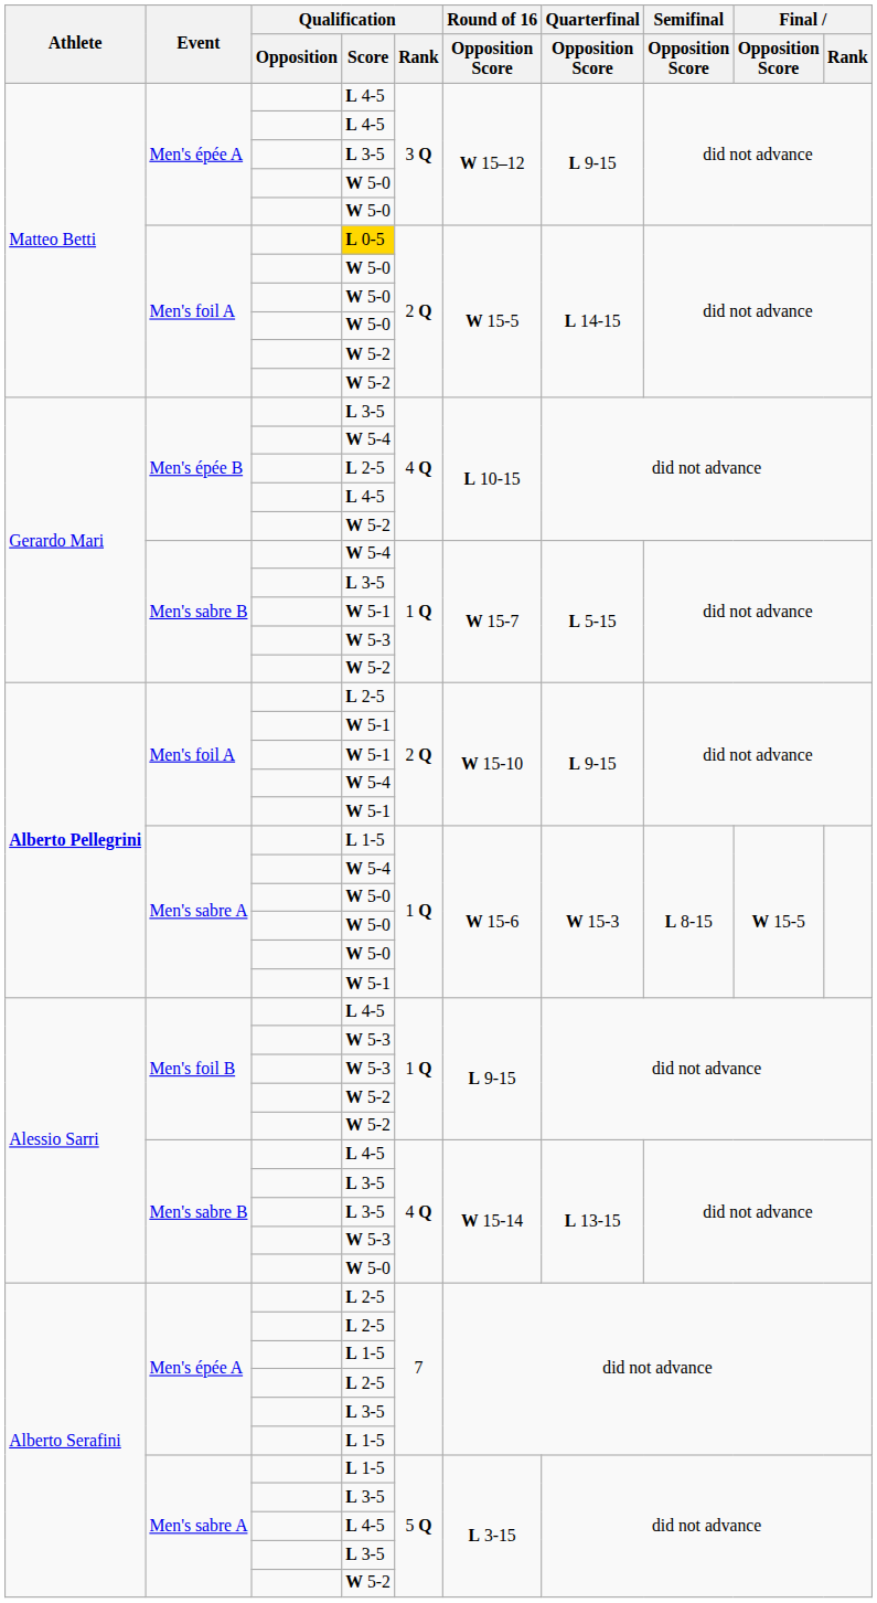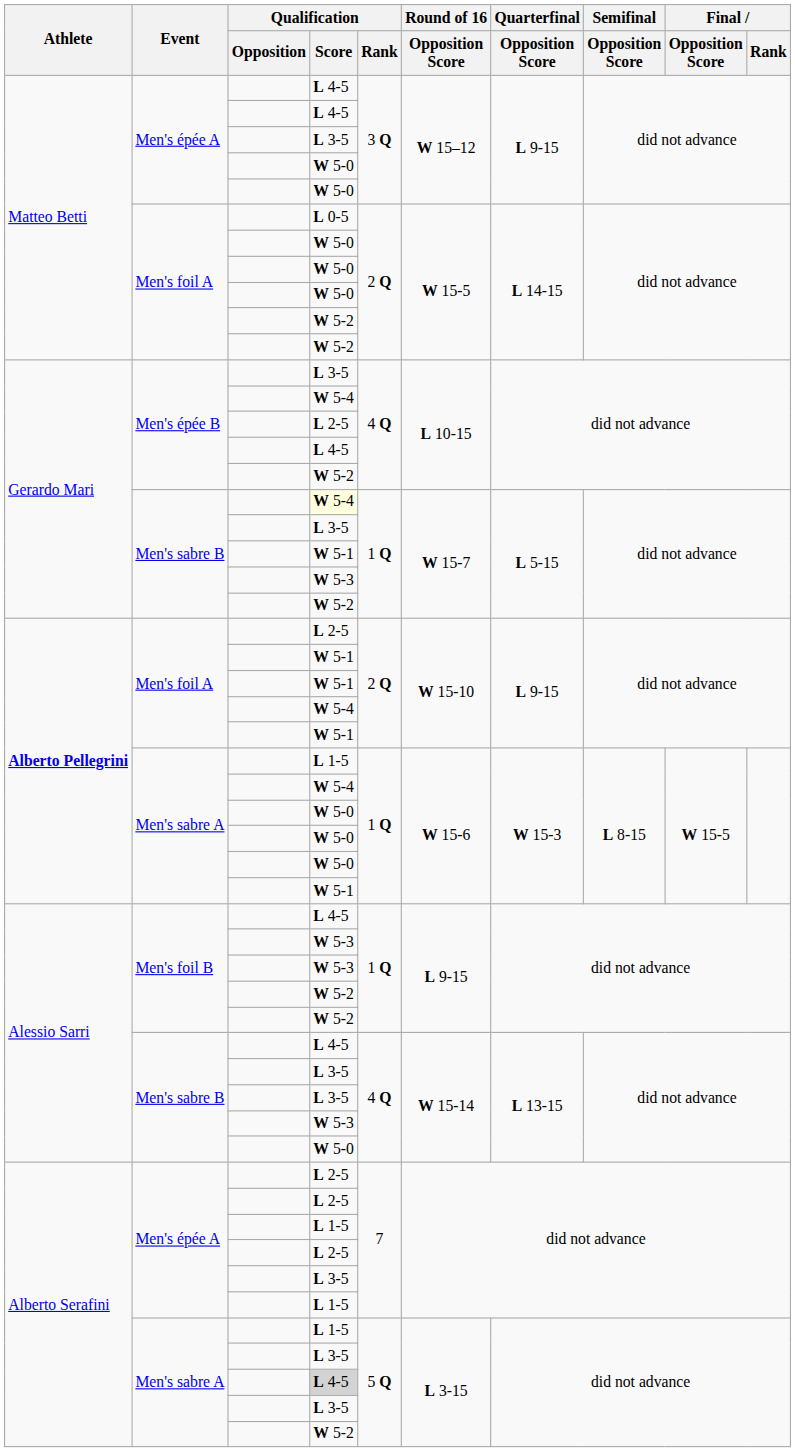 <table class=wikitable style="font-size:90%">
 <tr>
 <th rowspan="2">Athlete</th>
 <th rowspan="2">Event</th>
 <th colspan="3">Qualification</th>
 <th>Round of 16</th>
 <th>Quarterfinal</th>
 <th>Semifinal</th>
 <th colspan="2">Final / </th>
 </tr>
 <tr>
 <th>Opposition</th>
 <th>Score</th>
 <th>Rank</th>
 <th>Opposition<br>Score</th>
 <th>Opposition<br>Score</th>
 <th>Opposition<br>Score</th>
 <th>Opposition<br>Score</th>
 <th>Rank</th>
 </tr>
 <tr>
 <td rowspan=11><a href='#'>Matteo Betti</a></td>
 <td rowspan=5><a href='#'>Men's épée A</a></td>
 <td></td>
 <td><strong>L</strong> 4-5</td>
 <td align="center" rowspan=5>3 <strong>Q</strong></td>
 <td align="center" rowspan=5><br><strong>W</strong> 15–12</td>
 <td align="center" rowspan=5><br><strong>L</strong> 9-15</td>
 <td align="center" rowspan=5 colspan=3>did not advance</td>
 </tr>
 <tr>
 <td></td>
 <td><strong>L</strong> 4-5</td>
 </tr>
 <tr>
 <td></td>
 <td><strong>L</strong> 3-5</td>
 </tr>
 <tr>
 <td></td>
 <td><strong>W</strong> 5-0</td>
 </tr>
 <tr>
 <td></td>
 <td><strong>W</strong> 5-0</td>
 </tr>
 <tr>
 <td rowspan=6><a href='#'>Men's foil A</a></td>
 <td></td>
-<td style="background: gold;"><strong>L</strong> 0-5</td>
+<td><strong>L</strong> 0-5</td>
 <td align="center" rowspan=6>2 <strong>Q</strong></td>
 <td align="center" rowspan=6><br><strong>W</strong> 15-5</td>
 <td align="center" rowspan=6><br><strong>L</strong> 14-15</td>
 <td align="center" rowspan=6 colspan=3>did not advance</td>
 </tr>
 <tr>
 <td></td>
 <td><strong>W</strong> 5-0</td>
 </tr>
 <tr>
 <td></td>
 <td><strong>W</strong> 5-0</td>
 </tr>
 <tr>
 <td></td>
 <td><strong>W</strong> 5-0</td>
 </tr>
 <tr>
 <td></td>
 <td><strong>W</strong> 5-2</td>
 </tr>
 <tr>
 <td></td>
 <td><strong>W</strong> 5-2</td>
 </tr>
 <tr>
 <td rowspan=10><a href='#'>Gerardo Mari</a></td>
 <td rowspan=5><a href='#'>Men's épée B</a></td>
 <td></td>
 <td><strong>L</strong> 3-5</td>
 <td align="center" rowspan=5>4 <strong>Q</strong></td>
 <td align="center" rowspan=5><br><strong>L</strong> 10-15</td>
 <td align="center" rowspan=5 colspan=4>did not advance</td>
 </tr>
 <tr>
 <td></td>
 <td><strong>W</strong> 5-4</td>
 </tr>
 <tr>
 <td></td>
 <td><strong>L</strong> 2-5</td>
 </tr>
 <tr>
 <td></td>
 <td><strong>L</strong> 4-5</td>
 </tr>
 <tr>
 <td></td>
 <td><strong>W</strong> 5-2</td>
 </tr>
 <tr>
 <td rowspan=5><a href='#'>Men's sabre B</a></td>
 <td></td>
-<td><strong>W</strong> 5-4</td>
+<td style="background: lightyellow;"><strong>W</strong> 5-4</td>
 <td align="center" rowspan=5>1 <strong>Q</strong></td>
 <td align="center" rowspan=5><br><strong>W</strong> 15-7</td>
 <td align="center" rowspan=5><br><strong>L</strong> 5-15</td>
 <td align="center" rowspan=5 colspan=3>did not advance</td>
 </tr>
 <tr>
 <td></td>
 <td><strong>L</strong> 3-5</td>
 </tr>
 <tr>
 <td></td>
 <td><strong>W</strong> 5-1</td>
 </tr>
 <tr>
 <td></td>
 <td><strong>W</strong> 5-3</td>
 </tr>
 <tr>
 <td></td>
 <td><strong>W</strong> 5-2</td>
 </tr>
 <tr>
 <td rowspan=11><strong><a href='#'>Alberto Pellegrini</a></strong></td>
 <td rowspan=5><a href='#'>Men's foil A</a></td>
 <td></td>
 <td><strong>L</strong> 2-5</td>
 <td align="center" rowspan=5>2 <strong>Q</strong></td>
 <td align="center" rowspan=5><br><strong>W</strong> 15-10</td>
 <td align="center" rowspan=5><br><strong>L</strong> 9-15</td>
 <td align="center" rowspan=5 colspan=3>did not advance</td>
 </tr>
 <tr>
 <td></td>
 <td><strong>W</strong> 5-1</td>
 </tr>
 <tr>
 <td></td>
 <td><strong>W</strong> 5-1</td>
 </tr>
 <tr>
 <td></td>
 <td><strong>W</strong> 5-4</td>
 </tr>
 <tr>
 <td></td>
 <td><strong>W</strong> 5-1</td>
 </tr>
 <tr>
 <td rowspan=6><a href='#'>Men's sabre A</a></td>
 <td></td>
 <td><strong>L</strong> 1-5</td>
 <td align="center" rowspan=6>1 <strong>Q</strong></td>
 <td align="center" rowspan=6><br><strong>W</strong> 15-6</td>
 <td align="center" rowspan=6><br><strong>W</strong> 15-3</td>
 <td align="center" rowspan=6><br><strong>L</strong> 8-15</td>
 <td align="center" rowspan=6><br><strong>W</strong> 15-5</td>
 <td align="center" rowspan=6></td>
 </tr>
 <tr>
 <td></td>
 <td><strong>W</strong> 5-4</td>
 </tr>
 <tr>
 <td></td>
 <td><strong>W</strong> 5-0</td>
 </tr>
 <tr>
 <td></td>
 <td><strong>W</strong> 5-0</td>
 </tr>
 <tr>
 <td></td>
 <td><strong>W</strong> 5-0</td>
 </tr>
 <tr>
 <td></td>
 <td><strong>W</strong> 5-1</td>
 </tr>
 <tr>
 <td rowspan=10><a href='#'>Alessio Sarri</a></td>
 <td rowspan=5><a href='#'>Men's foil B</a></td>
 <td></td>
 <td><strong>L</strong> 4-5</td>
 <td align="center" rowspan=5>1 <strong>Q</strong></td>
 <td align="center" rowspan=5><br><strong>L</strong> 9-15</td>
 <td align="center" rowspan=5 colspan=4>did not advance</td>
 </tr>
 <tr>
 <td></td>
 <td><strong>W</strong> 5-3</td>
 </tr>
 <tr>
 <td></td>
 <td><strong>W</strong> 5-3</td>
 </tr>
 <tr>
 <td></td>
 <td><strong>W</strong> 5-2</td>
 </tr>
 <tr>
 <td></td>
 <td><strong>W</strong> 5-2</td>
 </tr>
 <tr>
 <td rowspan=5><a href='#'>Men's sabre B</a></td>
 <td></td>
 <td><strong>L</strong> 4-5</td>
 <td align="center" rowspan=5>4 <strong>Q</strong></td>
 <td align="center" rowspan=5><br><strong>W</strong> 15-14</td>
 <td align="center" rowspan=5><br><strong>L</strong> 13-15</td>
 <td align="center" rowspan=5 colspan=3>did not advance</td>
 </tr>
 <tr>
 <td></td>
 <td><strong>L</strong> 3-5</td>
 </tr>
 <tr>
 <td></td>
 <td><strong>L</strong> 3-5</td>
 </tr>
 <tr>
 <td></td>
 <td><strong>W</strong> 5-3</td>
 </tr>
 <tr>
 <td></td>
 <td><strong>W</strong> 5-0</td>
 </tr>
 <tr>
 <td rowspan=11><a href='#'>Alberto Serafini</a></td>
 <td rowspan=6><a href='#'>Men's épée A</a></td>
 <td></td>
 <td><strong>L</strong> 2-5</td>
 <td align="center" rowspan=6>7</td>
 <td align="center" rowspan=6 colspan=5>did not advance</td>
 </tr>
 <tr>
 <td></td>
 <td><strong>L</strong> 2-5</td>
 </tr>
 <tr>
 <td></td>
 <td><strong>L</strong> 1-5</td>
 </tr>
 <tr>
 <td></td>
 <td><strong>L</strong> 2-5</td>
 </tr>
 <tr>
 <td></td>
 <td><strong>L</strong> 3-5</td>
 </tr>
 <tr>
 <td></td>
 <td><strong>L</strong> 1-5</td>
 </tr>
 <tr>
 <td rowspan=5><a href='#'>Men's sabre A</a></td>
 <td></td>
 <td><strong>L</strong> 1-5</td>
 <td align="center" rowspan=5>5 <strong>Q</strong></td>
 <td align="center" rowspan=5><br><strong>L</strong> 3-15</td>
 <td align="center" rowspan=5 colspan=4>did not advance</td>
 </tr>
 <tr>
 <td></td>
 <td><strong>L</strong> 3-5</td>
 </tr>
 <tr>
 <td></td>
-<td><strong>L</strong> 4-5</td>
+<td style="background: lightgrey;"><strong>L</strong> 4-5</td>
 </tr>
 <tr>
 <td></td>
 <td><strong>L</strong> 3-5</td>
 </tr>
 <tr>
 <td></td>
 <td><strong>W</strong> 5-2</td>
 </tr>
 </table>
